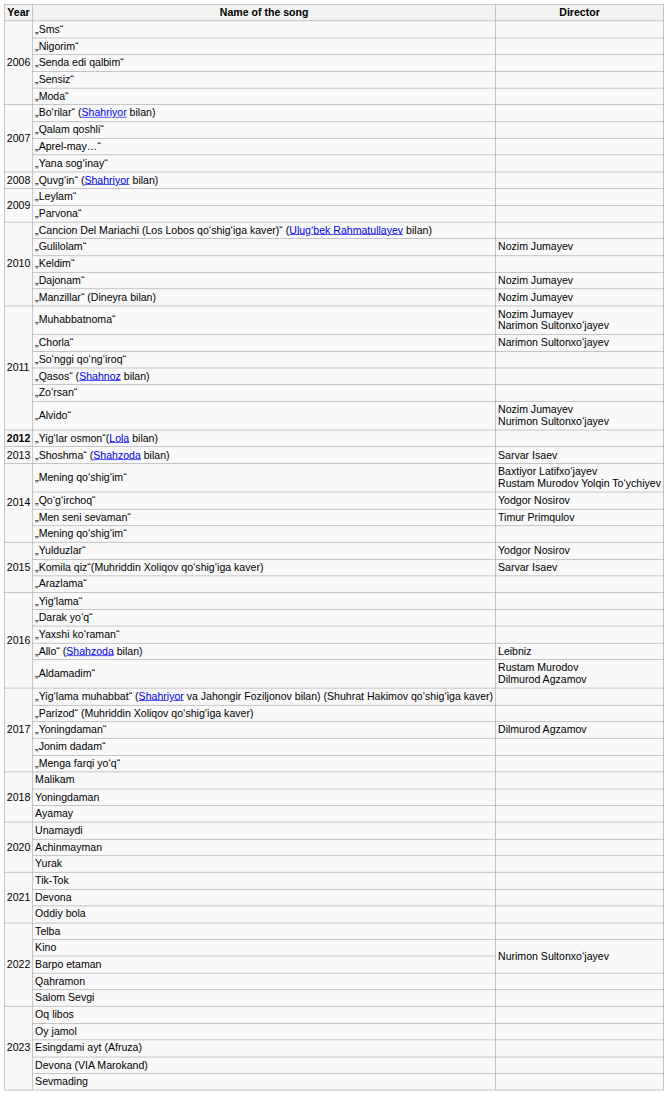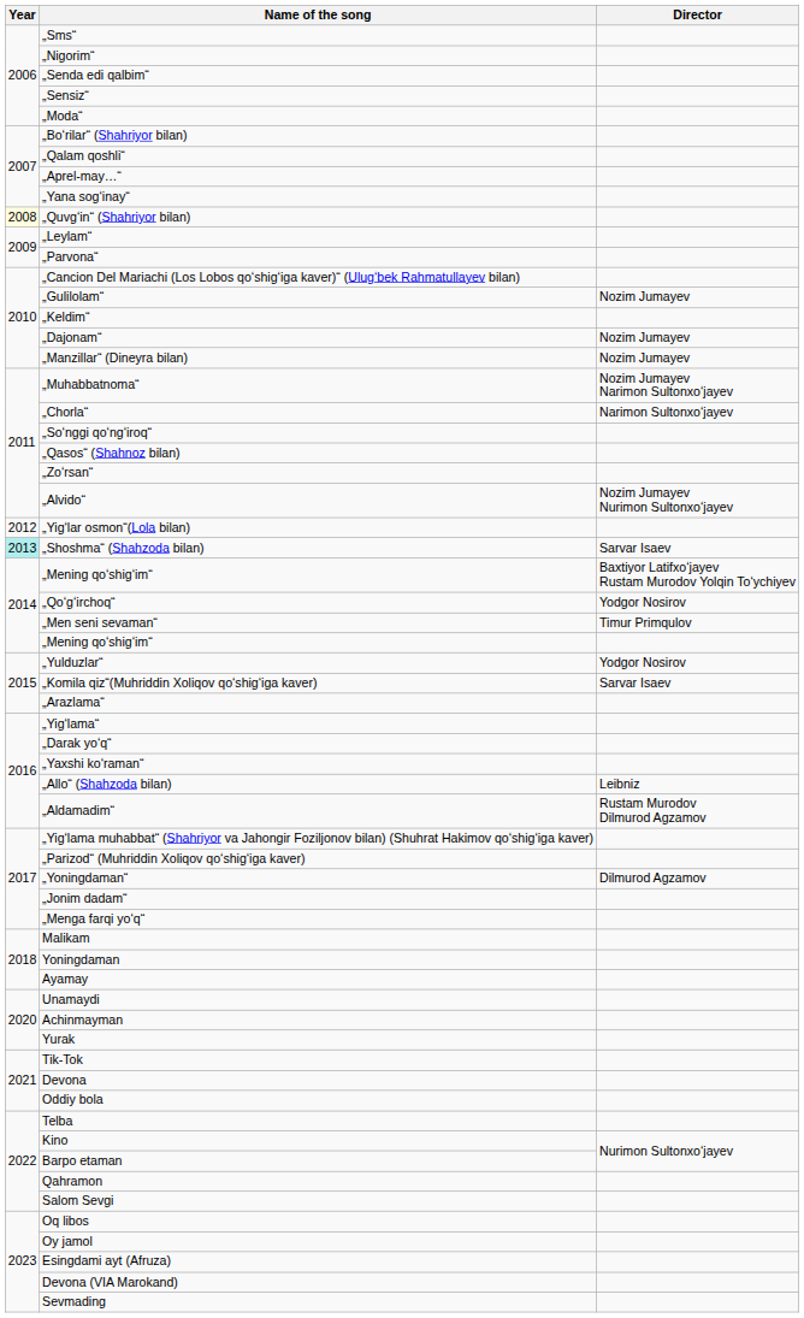 <table class="wikitable" style="text-align:left;">
 <tr>
 <th>Year</th>
 <th>Name of the song</th>
 <th>Director</th>
 </tr>
 <tr>
 <td rowspan="5">2006</td>
 <td>„Sms“</td>
 <td></td>
 </tr>
 <tr>
 <td>„Nigorim“</td>
 <td></td>
 </tr>
 <tr>
 <td>„Senda edi qalbim“</td>
 <td></td>
 </tr>
 <tr>
 <td>„Sensiz“</td>
 <td></td>
 </tr>
 <tr>
 <td>„Moda“</td>
 <td></td>
 </tr>
 <tr>
 <td rowspan="4">2007</td>
 <td>„Boʻrilar“ (<a href='#'>Shahriyor</a> bilan)</td>
 <td></td>
 </tr>
 <tr>
 <td>„Qalam qoshli“</td>
 <td></td>
 </tr>
 <tr>
 <td>„Aprel-may…“</td>
 <td></td>
 </tr>
 <tr>
 <td>„Yana sogʻinay“</td>
 <td></td>
 </tr>
 <tr>
-<td rowspan="1">2008</td>
+<td rowspan="1" style="background: lightyellow;">2008</td>
 <td>„Quvgʻin“ (<a href='#'>Shahriyor</a> bilan)</td>
 <td></td>
 </tr>
 <tr>
 <td rowspan="2">2009</td>
 <td>„Leylam“</td>
 <td></td>
 </tr>
 <tr>
 <td>„Parvona“</td>
 <td></td>
 </tr>
 <tr>
 <td rowspan="5">2010</td>
 <td>„Cancion Del Mariachi (Los Lobos qoʻshigʻiga kaver)“ (<a href='#'>Ulugʻbek Rahmatullayev</a> bilan)</td>
 <td></td>
 </tr>
 <tr>
 <td>„Gulilolam“</td>
 <td>Nozim Jumayev</td>
 </tr>
 <tr>
 <td>„Keldim“</td>
 <td></td>
 </tr>
 <tr>
 <td>„Dajonam“</td>
 <td>Nozim Jumayev</td>
 </tr>
 <tr>
 <td>„Manzillar“ (Dineyra bilan)</td>
 <td>Nozim Jumayev</td>
 </tr>
 <tr>
 <td rowspan="6">2011</td>
 <td>„Muhabbatnoma“</td>
 <td>Nozim Jumayev<br>Narimon Sultonxoʻjayev</td>
 </tr>
 <tr>
 <td>„Chorla“</td>
 <td>Narimon Sultonxoʻjayev</td>
 </tr>
 <tr>
 <td>„Soʻnggi qoʻngʻiroq“</td>
 <td></td>
 </tr>
 <tr>
 <td>„Qasos“ (<a href='#'>Shahnoz</a> bilan)</td>
 <td></td>
 </tr>
 <tr>
 <td>„Zoʻrsan“</td>
 <td></td>
 </tr>
 <tr>
 <td>„Alvido“</td>
 <td>Nozim Jumayev<br>Nurimon Sultonxoʻjayev</td>
 </tr>
 <tr>
-<td rowspan="1"><strong>2012</strong></td>
+<td rowspan="1">2012</td>
 <td>„Yigʻlar osmon“(<a href='#'>Lola</a> bilan)</td>
 <td></td>
 </tr>
 <tr>
-<td rowspan="1">2013</td>
+<td rowspan="1" style="background: paleturquoise;">2013</td>
 <td>„Shoshma“ (<a href='#'>Shahzoda</a> bilan)</td>
 <td>Sarvar Isaev</td>
 </tr>
 <tr>
 <td rowspan="4">2014</td>
 <td>„Mening qoʻshigʻim“</td>
 <td>Baxtiyor Latifxoʻjayev<br>Rustam Murodov  Yolqin Toʻychiyev</td>
 </tr>
 <tr>
 <td>„Qoʻgʻirchoq“</td>
 <td>Yodgor Nosirov</td>
 </tr>
 <tr>
 <td>„Men seni sevaman“</td>
 <td>Timur Primqulov</td>
 </tr>
 <tr>
 <td>„Mening qoʻshigʻim“</td>
 <td></td>
 </tr>
 <tr>
 <td rowspan="3">2015</td>
 <td>„Yulduzlar“</td>
 <td>Yodgor Nosirov</td>
 </tr>
 <tr>
 <td>„Komila qiz“(Muhriddin Xoliqov qoʻshigʻiga kaver)</td>
 <td>Sarvar Isaev</td>
 </tr>
 <tr>
 <td>„Arazlama“</td>
 <td></td>
 </tr>
 <tr>
 <td rowspan="5">2016</td>
 <td>„Yigʻlama“</td>
 <td></td>
 </tr>
 <tr>
 <td>„Darak yoʻq“</td>
 <td></td>
 </tr>
 <tr>
 <td>„Yaxshi koʻraman“</td>
 <td></td>
 </tr>
 <tr>
 <td>„Allo“ (<a href='#'>Shahzoda</a> bilan)</td>
 <td>Leibniz</td>
 </tr>
 <tr>
 <td>„Aldamadim“</td>
 <td>Rustam Murodov<br>Dilmurod Agzamov</td>
 </tr>
 <tr>
 <td rowspan="5">2017</td>
 <td>„Yigʻlama muhabbat“ (<a href='#'>Shahriyor</a> va Jahongir Foziljonov bilan) (Shuhrat Hakimov qoʻshigʻiga kaver)</td>
 <td></td>
 </tr>
 <tr>
 <td>„Parizod“ (Muhriddin Xoliqov qoʻshigʻiga kaver)</td>
 <td></td>
 </tr>
 <tr>
 <td>„Yoningdaman“</td>
 <td>Dilmurod Agzamov</td>
 </tr>
 <tr>
 <td>„Jonim dadam“</td>
 <td></td>
 </tr>
 <tr>
 <td>„Menga farqi yoʻq“</td>
 <td></td>
 </tr>
 <tr>
 <td rowspan="3">2018</td>
 <td>Malikam</td>
 <td></td>
 </tr>
 <tr>
 <td>Yoningdaman</td>
 <td></td>
 </tr>
 <tr>
 <td>Ayamay</td>
 <td></td>
 </tr>
 <tr>
 <td rowspan="3">2020</td>
 <td>Unamaydi</td>
 <td></td>
 </tr>
 <tr>
 <td>Achinmayman</td>
 <td></td>
 </tr>
 <tr>
 <td>Yurak</td>
 <td></td>
 </tr>
 <tr>
 <td rowspan="3">2021</td>
 <td>Tik-Tok</td>
 <td></td>
 </tr>
 <tr>
 <td>Devona</td>
 <td></td>
 </tr>
 <tr>
 <td>Oddiy bola</td>
 <td></td>
 </tr>
 <tr>
 <td rowspan="5">2022</td>
 <td>Telba</td>
 <td></td>
 </tr>
 <tr>
 <td>Kino</td>
 <td rowspan="2">Nurimon Sultonxoʻjayev</td>
 </tr>
 <tr>
 <td>Barpo etaman</td>
 </tr>
 <tr>
 <td>Qahramon</td>
 <td></td>
 </tr>
 <tr>
 <td>Salom Sevgi</td>
 <td></td>
 </tr>
 <tr>
 <td rowspan="5">2023</td>
 <td>Oq libos</td>
 <td></td>
 </tr>
 <tr>
 <td>Oy jamol</td>
 <td></td>
 </tr>
 <tr>
 <td>Esingdami ayt (Afruza)</td>
 <td></td>
 </tr>
 <tr>
 <td>Devona (VIA Marokand)</td>
 <td></td>
 </tr>
 <tr>
 <td>Sevmading</td>
 <td></td>
 </tr>
 </table>
